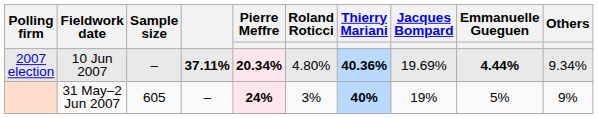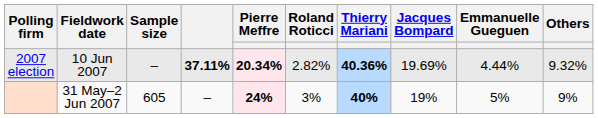 <table class="wikitable sortable" style="text-align:center;font-size:90%;line-height:14px;">
 <tr style="height:40px;">
 <th style="width:100px;" rowspan="2">Polling firm</th>
 <th style="width:110px;" rowspan="2">Fieldwork date</th>
 <th style="width:35px;" rowspan="2">Sample<br>size</th>
 <th style="width:30px;" rowspan="2"></th>
 <th class="unsortable" style="width:60px;">Pierre Meffre<br></th>
 <th class="unsortable" style="width:60px;">Roland Roticci<br></th>
 <th class="unsortable" style="width:60px;"><a href='#'>Thierry Mariani</a><br></th>
 <th class="unsortable" style="width:60px;"><a href='#'>Jacques Bompard</a><br></th>
 <th class="unsortable" style="width:60px;">Emmanuelle Gueguen<br></th>
 <th class="unsortable" style="width:60px;">Others</th>
 </tr>
 <tr>
 <th style="background:"></th>
 <th style="background:"></th>
 <th style="background:"></th>
 <th style="background:"></th>
 <th style="background:"></th>
 <th style="background:"></th>
 </tr>
 <tr style="background:#E9E9E9;">
 <td><a href='#'>2007 election</a></td>
 <td data-sort-value="2007-06-10">10 Jun 2007</td>
 <td>–</td>
 <td><strong>37.11%</strong></td>
 <td style="background:#FFE6EC;"><strong>20.34%</strong></td>
-<td>4.80%</td>
+<td>2.82%</td>
 <td style="background:#B9DAFF;"><strong>40.36%</strong></td>
 <td>19.69%</td>
-<td><strong>4.44%</strong></td>
-<td>9.34%</td>
+<td>4.44%</td>
+<td>9.32%</td>
 </tr>
 <tr>
 <td style="background:#FFDFCC;"></td>
 <td data-sort-value="2007-06-02">31 May–2 Jun 2007</td>
 <td>605</td>
 <td>–</td>
 <td style="background:#FFE6EC;"><strong>24%</strong></td>
 <td>3%</td>
 <td style="background:#B9DAFF;"><strong>40%</strong></td>
 <td>19%</td>
 <td>5%</td>
 <td>9%</td>
 </tr>
 </table>
